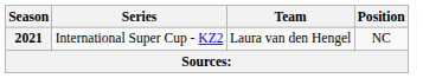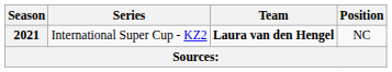 <table class="wikitable" style="font-size: 85%; text-align:center">
 <tr>
 <th>Season</th>
 <th>Series</th>
 <th>Team</th>
 <th>Position</th>
 </tr>
 <tr>
 <th>2021</th>
 <td align="left">International Super Cup - <a href='#'>KZ2</a></td>
-<td align="left">Laura van den Hengel</td>
+<td align="left"><strong>Laura van den Hengel</strong></td>
 <td style="background:#;">NC</td>
 </tr>
 <tr>
 <th colspan="4">Sources:</th>
 </tr>
 </table>
